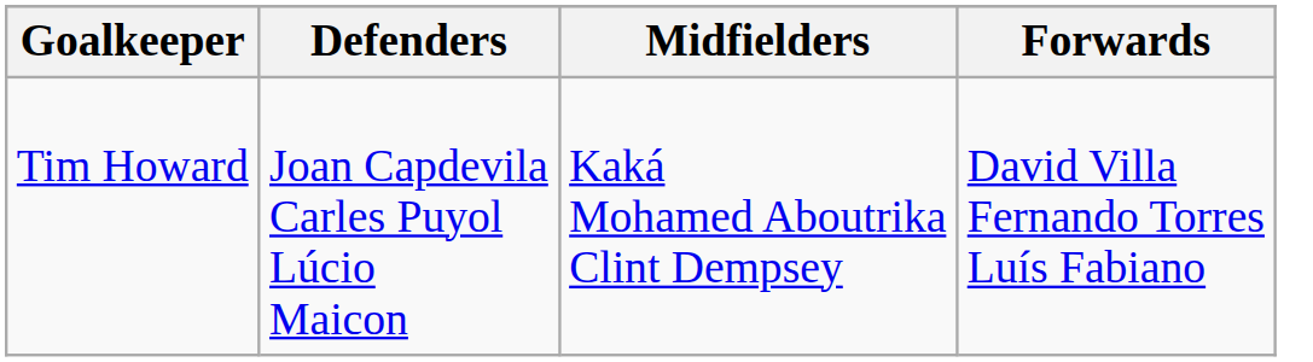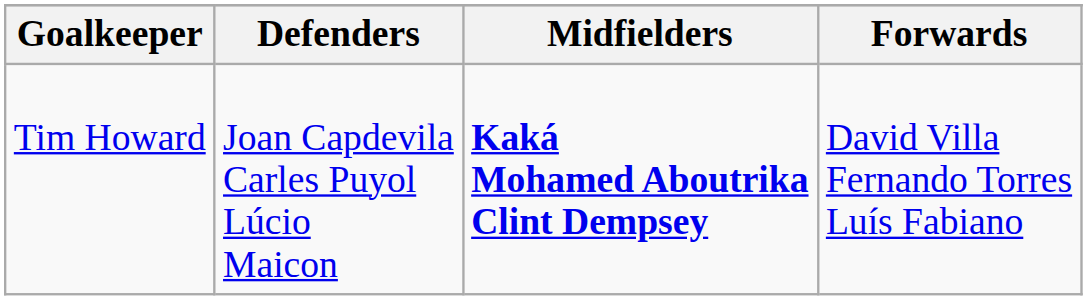 <table class="wikitable">
 <tr>
 </tr>
 <tr>
 <th>Goalkeeper</th>
 <th>Defenders</th>
 <th>Midfielders</th>
 <th>Forwards</th>
 </tr>
 <tr>
 <td valign=top><br> <a href='#'>Tim Howard</a></td>
 <td valign=top><br> <a href='#'>Joan Capdevila</a><br>  <a href='#'>Carles Puyol</a><br>  <a href='#'>Lúcio</a><br>  <a href='#'>Maicon</a></td>
-<td valign=top><br> <a href='#'>Kaká</a><br>  <a href='#'>Mohamed Aboutrika</a><br>  <a href='#'>Clint Dempsey</a></td>
+<td valign=top><strong><br> <a href='#'>Kaká</a><br>  <a href='#'>Mohamed Aboutrika</a><br>  <a href='#'>Clint Dempsey</a></strong></td>
 <td valign=top><br> <a href='#'>David Villa</a><br>  <a href='#'>Fernando Torres</a><br>  <a href='#'>Luís Fabiano</a></td>
 </tr>
 </table>
